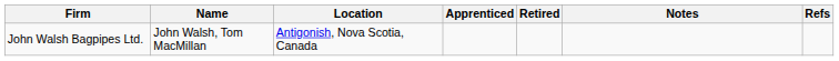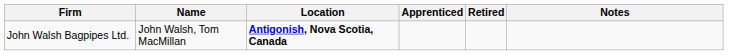 <table class="sortable wikitable">
 <tr style="bgcolor:#cccccc;border-bottom:none;">
 <th style="width:12em;">Firm</th>
 <th style="width:10em;">Name</th>
 <th style="width:14em;">Location</th>
 <th style="width:1.5em;">Apprenticed</th>
 <th style="width:1.5em;">Retired</th>
 <th style="width:20em;">Notes</th>
-<th style="width: 1em;">Refs</th>
 </tr>
 <tr style="border-top:none;">
 <td>John Walsh Bagpipes Ltd.</td>
 <td>John Walsh, Tom MacMillan</td>
-<td><a href='#'>Antigonish</a>, Nova Scotia, Canada</td>
-<td></td>
+<td><strong><a href='#'>Antigonish</a>, Nova Scotia, Canada</strong></td>
 <td></td>
 <td></td>
 <td></td>
 </tr>
 </table>
